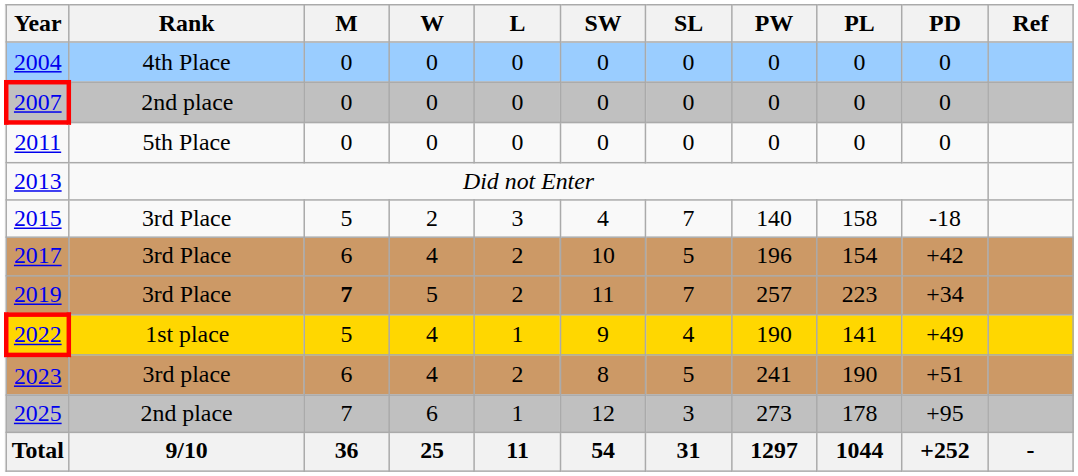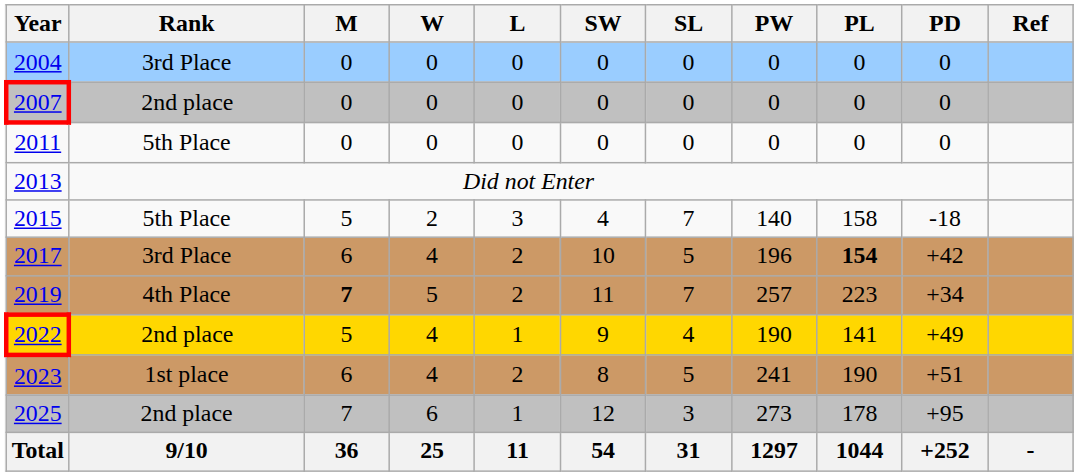 <table class="wikitable" style="text-align: center;">
 <tr>
 <th>Year</th>
 <th width=150>Rank</th>
 <th width=50>M</th>
 <th width=50>W</th>
 <th width=50>L</th>
 <th width=50>SW</th>
 <th width=50>SL</th>
 <th width=50>PW</th>
 <th width=50>PL</th>
 <th width=50>PD</th>
 <th width=50>Ref</th>
 </tr>
 <tr style="background:#9acdff;">
 <td> <a href='#'>2004</a></td>
-<td>4th Place</td>
+<td>3rd Place</td>
 <td>0</td>
 <td>0</td>
 <td>0</td>
 <td>0</td>
 <td>0</td>
 <td>0</td>
 <td>0</td>
 <td>0</td>
 <td></td>
 </tr>
 <tr bgcolor=silver>
 <td style="border: 3px solid red"> <a href='#'>2007</a></td>
 <td>2nd place</td>
 <td>0</td>
 <td>0</td>
 <td>0</td>
 <td>0</td>
 <td>0</td>
 <td>0</td>
 <td>0</td>
 <td>0</td>
 <td></td>
 </tr>
 <tr bgcolor=>
 <td> <a href='#'>2011</a></td>
 <td>5th Place</td>
 <td>0</td>
 <td>0</td>
 <td>0</td>
 <td>0</td>
 <td>0</td>
 <td>0</td>
 <td>0</td>
 <td>0</td>
 <td></td>
 </tr>
 <tr bgcolor=>
 <td> <a href='#'>2013</a></td>
 <td colspan=9><em>Did not Enter</em></td>
 <td></td>
 </tr>
 <tr bgcolor=>
 <td> <a href='#'>2015</a></td>
-<td>3rd Place</td>
+<td>5th Place</td>
 <td>5</td>
 <td>2</td>
 <td>3</td>
 <td>4</td>
 <td>7</td>
 <td>140</td>
 <td>158</td>
 <td>-18</td>
 <td></td>
 </tr>
 <tr bgcolor=cc9966>
 <td> <a href='#'>2017</a></td>
 <td>3rd Place</td>
 <td>6</td>
 <td>4</td>
 <td>2</td>
 <td>10</td>
 <td>5</td>
 <td>196</td>
-<td>154</td>
+<td><strong>154</strong></td>
 <td>+42</td>
 <td></td>
 </tr>
 <tr bgcolor=cc9966>
 <td> <a href='#'>2019</a></td>
-<td>3rd Place</td>
+<td>4th Place</td>
 <td><strong>7</strong></td>
 <td>5</td>
 <td>2</td>
 <td>11</td>
 <td>7</td>
 <td>257</td>
 <td>223</td>
 <td>+34</td>
 <td></td>
 </tr>
 <tr bgcolor=gold>
 <td style="border: 3px solid red"> <a href='#'>2022</a></td>
-<td>1st place</td>
+<td>2nd place</td>
 <td>5</td>
 <td>4</td>
 <td>1</td>
 <td>9</td>
 <td>4</td>
 <td>190</td>
 <td>141</td>
 <td>+49</td>
 <td></td>
 </tr>
 <tr bgcolor=cc9966>
 <td style="border:"> <a href='#'>2023</a></td>
-<td>3rd place</td>
+<td>1st place</td>
 <td>6</td>
 <td>4</td>
 <td>2</td>
 <td>8</td>
 <td>5</td>
 <td>241</td>
 <td>190</td>
 <td>+51</td>
 <td></td>
 </tr>
 <tr bgcolor=silver>
 <td style="border:"> <a href='#'>2025</a></td>
 <td>2nd place</td>
 <td>7</td>
 <td>6</td>
 <td>1</td>
 <td>12</td>
 <td>3</td>
 <td>273</td>
 <td>178</td>
 <td>+95</td>
 <td></td>
 </tr>
 <tr>
 <th>Total</th>
 <th>9/10</th>
 <th>36</th>
 <th>25</th>
 <th>11</th>
 <th>54</th>
 <th>31</th>
 <th>1297</th>
 <th>1044</th>
 <th>+252</th>
 <th>-</th>
 </tr>
 </table>
